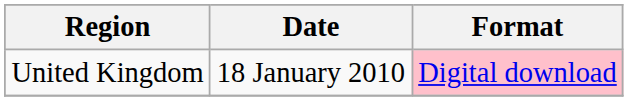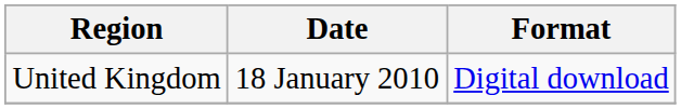 <table class=wikitable>
 <tr>
 <th>Region</th>
 <th>Date</th>
 <th>Format</th>
 </tr>
 <tr>
 <td>United Kingdom</td>
 <td>18 January 2010</td>
-<td style="background: pink;"><a href='#'>Digital download</a></td>
+<td><a href='#'>Digital download</a></td>
 </tr>
 <tr>
 </tr>
 </table>
